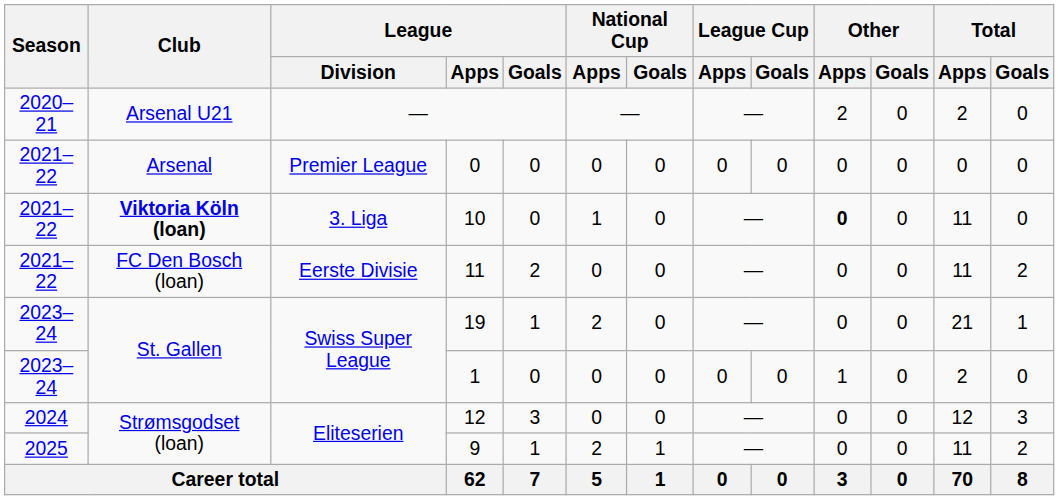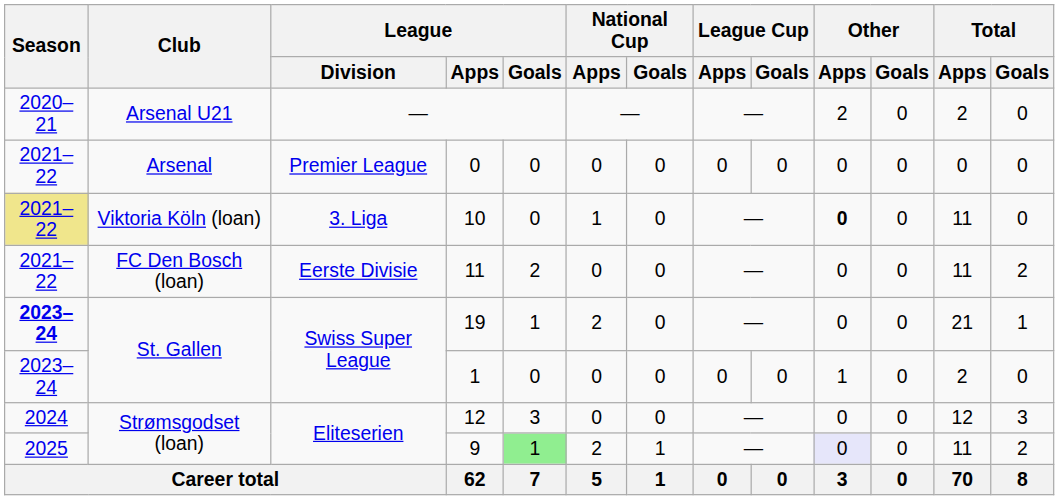 <table class="wikitable" style="text-align: center">
 <tr>
 <th rowspan="2">Season</th>
 <th rowspan="2">Club</th>
 <th colspan="3">League</th>
 <th colspan="2">National Cup</th>
 <th colspan="2">League Cup</th>
 <th colspan="2">Other</th>
 <th colspan="2">Total</th>
 </tr>
 <tr>
 <th>Division</th>
 <th>Apps</th>
 <th>Goals</th>
 <th>Apps</th>
 <th>Goals</th>
 <th>Apps</th>
 <th>Goals</th>
 <th>Apps</th>
 <th>Goals</th>
 <th>Apps</th>
 <th>Goals</th>
 </tr>
 <tr>
 <td><a href='#'>2020–21</a></td>
 <td><a href='#'>Arsenal U21</a></td>
 <td colspan="3">—</td>
 <td colspan="2">—</td>
 <td colspan="2">—</td>
 <td>2</td>
 <td>0</td>
 <td>2</td>
 <td>0</td>
 </tr>
 <tr>
 <td><a href='#'>2021–22</a></td>
 <td><a href='#'>Arsenal</a></td>
 <td><a href='#'>Premier League</a></td>
 <td>0</td>
 <td>0</td>
 <td>0</td>
 <td>0</td>
 <td>0</td>
 <td>0</td>
 <td>0</td>
 <td>0</td>
 <td>0</td>
 <td>0</td>
 </tr>
 <tr>
-<td><a href='#'>2021–22</a></td>
-<td><strong><a href='#'>Viktoria Köln</a> (loan)</strong></td>
+<td style="background: khaki;"><a href='#'>2021–22</a></td>
+<td><a href='#'>Viktoria Köln</a> (loan)</td>
 <td><a href='#'>3. Liga</a></td>
 <td>10</td>
 <td>0</td>
 <td>1</td>
 <td>0</td>
 <td colspan="2">—</td>
 <td><strong>0</strong></td>
 <td>0</td>
 <td>11</td>
 <td>0</td>
 </tr>
 <tr>
 <td><a href='#'>2021–22</a></td>
 <td><a href='#'>FC Den Bosch</a> (loan)</td>
 <td><a href='#'>Eerste Divisie</a></td>
 <td>11</td>
 <td>2</td>
 <td>0</td>
 <td>0</td>
 <td colspan="2">—</td>
 <td>0</td>
 <td>0</td>
 <td>11</td>
 <td>2</td>
 </tr>
 <tr>
-<td><a href='#'>2023–24</a></td>
+<td><strong><a href='#'>2023–24</a></strong></td>
 <td rowspan="2" valign="center"><a href='#'>St. Gallen</a></td>
 <td rowspan="2" valign="center"><a href='#'>Swiss Super League</a></td>
 <td>19</td>
 <td>1</td>
 <td>2</td>
 <td>0</td>
 <td colspan="2">—</td>
 <td>0</td>
 <td>0</td>
 <td>21</td>
 <td>1</td>
 </tr>
 <tr>
 <td><a href='#'>2023–24</a></td>
 <td>1</td>
 <td>0</td>
 <td>0</td>
 <td>0</td>
 <td>0</td>
 <td>0</td>
 <td>1</td>
 <td>0</td>
 <td>2</td>
 <td>0</td>
 </tr>
 <tr>
 <td><a href='#'>2024</a></td>
 <td rowspan="2" valign="center"><a href='#'>Strømsgodset</a> (loan)</td>
 <td rowspan="2" valign="center"><a href='#'>Eliteserien</a></td>
 <td>12</td>
 <td>3</td>
 <td>0</td>
 <td>0</td>
 <td colspan="2">—</td>
 <td>0</td>
 <td>0</td>
 <td>12</td>
 <td>3</td>
 </tr>
 <tr>
 <td><a href='#'>2025</a></td>
 <td>9</td>
-<td>1</td>
+<td style="background: lightgreen;">1</td>
 <td>2</td>
 <td>1</td>
 <td colspan="2">—</td>
-<td>0</td>
+<td style="background: lavender;">0</td>
 <td>0</td>
 <td>11</td>
 <td>2</td>
 </tr>
 <tr>
 <th colspan="3">Career total</th>
 <th>62</th>
 <th>7</th>
 <th>5</th>
 <th>1</th>
 <th>0</th>
 <th>0</th>
 <th>3</th>
 <th>0</th>
 <th>70</th>
 <th>8</th>
 </tr>
 </table>
